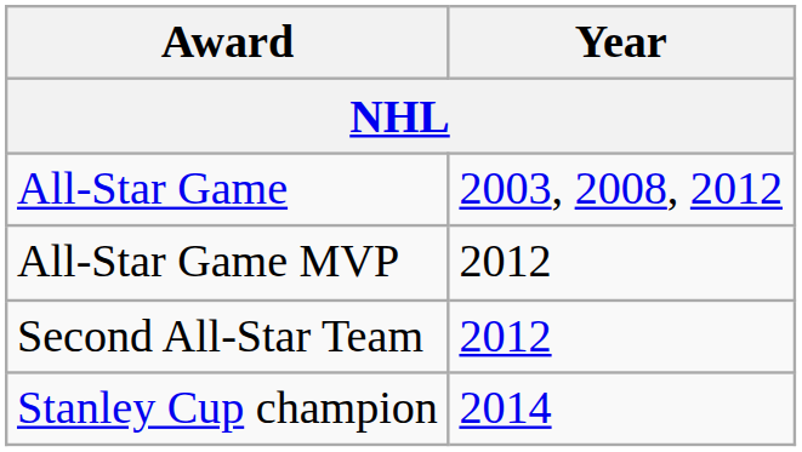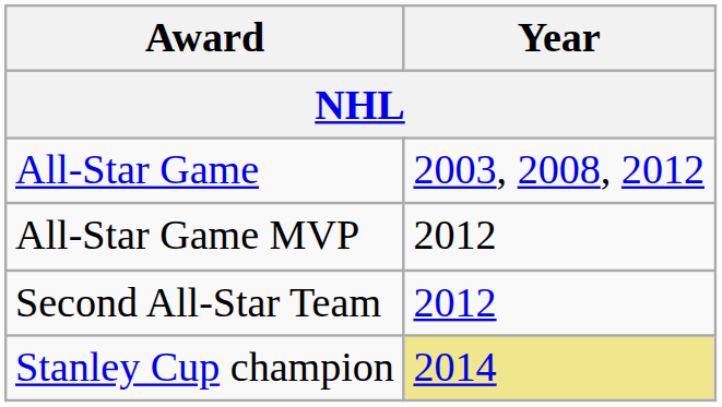 <table class="wikitable">
 <tr>
 <th>Award</th>
 <th>Year</th>
 </tr>
 <tr>
 <th colspan="3"><a href='#'>NHL</a></th>
 </tr>
 <tr>
 <td><a href='#'>All-Star Game</a></td>
 <td><a href='#'>2003</a>, <a href='#'>2008</a>, <a href='#'>2012</a></td>
 </tr>
 <tr>
 <td>All-Star Game MVP</td>
 <td>2012</td>
 </tr>
 <tr>
 <td>Second All-Star Team</td>
 <td><a href='#'>2012</a></td>
 </tr>
 <tr>
 <td><a href='#'>Stanley Cup</a> champion</td>
-<td><a href='#'>2014</a></td>
+<td style="background: khaki;"><a href='#'>2014</a></td>
 </tr>
 </table>
